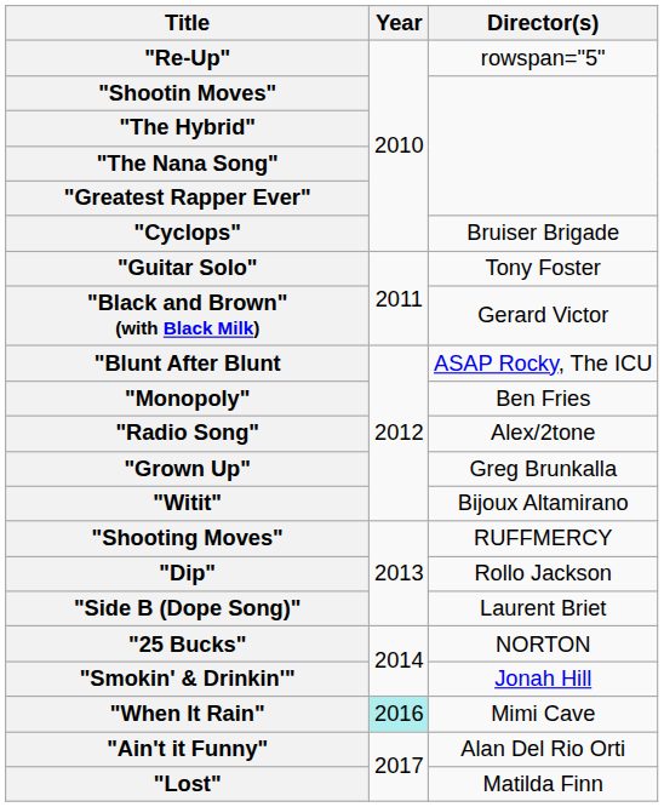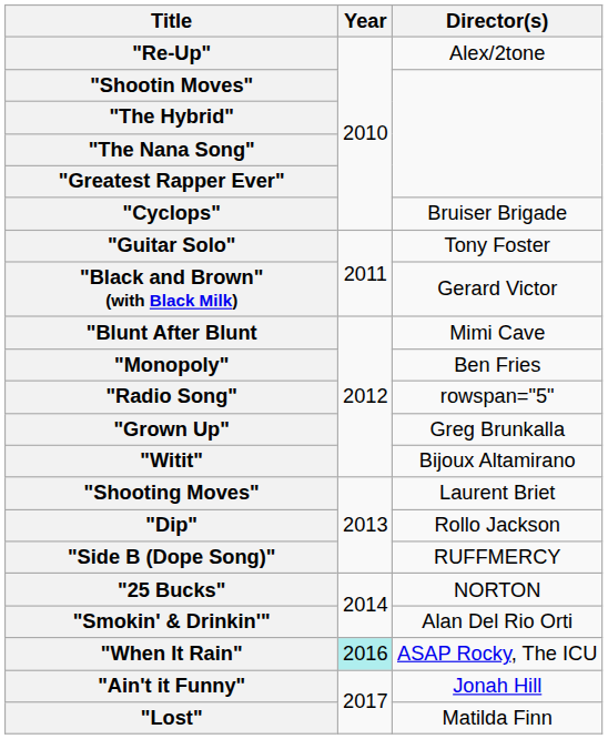 <table class="wikitable plainrowheaders" style="text-align:center;">
 <tr>
 <th scope="col" style="width:16em;">Title</th>
 <th scope="col">Year</th>
 <th scope="col">Director(s)</th>
 </tr>
 <tr>
 <th scope="row">"Re-Up"</th>
 <td rowspan="6">2010</td>
-<td>rowspan="5" </td>
+<td>Alex/2tone</td>
 </tr>
 <tr>
 <th scope="row">"Shootin Moves"</th>
 </tr>
 <tr>
 <th scope="row">"The Hybrid"</th>
 </tr>
 <tr>
 <th scope="row">"The Nana Song"</th>
 </tr>
 <tr>
 <th scope="row">"Greatest Rapper Ever"</th>
 </tr>
 <tr>
 <th scope="row">"Cyclops"</th>
 <td>Bruiser Brigade</td>
 </tr>
 <tr>
 <th scope="row">"Guitar Solo"</th>
 <td rowspan="2">2011</td>
 <td>Tony Foster</td>
 </tr>
 <tr>
 <th scope="row">"Black and Brown"<br><small>(with <a href='#'>Black Milk</a>)</small></th>
 <td>Gerard Victor</td>
 </tr>
 <tr>
 <th scope="row">"Blunt After Blunt</th>
 <td rowspan="5">2012</td>
-<td><a href='#'>ASAP Rocky</a>, The ICU</td>
+<td>Mimi Cave</td>
 </tr>
 <tr>
 <th scope="row">"Monopoly"</th>
 <td>Ben Fries</td>
 </tr>
 <tr>
 <th scope="row">"Radio Song"</th>
-<td>Alex/2tone</td>
+<td>rowspan="5" </td>
 </tr>
 <tr>
 <th scope="row">"Grown Up"</th>
 <td>Greg Brunkalla</td>
 </tr>
 <tr>
 <th scope="row">"Witit"</th>
 <td>Bijoux Altamirano</td>
 </tr>
 <tr>
 <th scope="row">"Shooting Moves"</th>
 <td rowspan="3">2013</td>
-<td>RUFFMERCY</td>
+<td>Laurent Briet</td>
 </tr>
 <tr>
 <th scope="row">"Dip"</th>
 <td>Rollo Jackson</td>
 </tr>
 <tr>
 <th scope="row">"Side B (Dope Song)"</th>
-<td>Laurent Briet</td>
+<td>RUFFMERCY</td>
 </tr>
 <tr>
 <th scope="row">"25 Bucks"<br></th>
 <td rowspan="2">2014</td>
 <td>NORTON</td>
 </tr>
 <tr>
 <th scope="row">"Smokin' & Drinkin'"</th>
-<td><a href='#'>Jonah Hill</a></td>
+<td>Alan Del Rio Orti</td>
 </tr>
 <tr>
 <th scope="row">"When It Rain"</th>
 <td style="background: paleturquoise;">2016</td>
-<td>Mimi Cave</td>
+<td><a href='#'>ASAP Rocky</a>, The ICU</td>
 </tr>
 <tr>
 <th scope="row">"Ain't it Funny"</th>
 <td rowspan="2">2017</td>
-<td>Alan Del Rio Orti</td>
+<td><a href='#'>Jonah Hill</a></td>
 </tr>
 <tr>
 <th scope="row">"Lost"</th>
 <td>Matilda Finn</td>
 </tr>
 </table>
